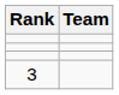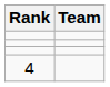 <table class="wikitable" border="1">
 <tr>
 <th>Rank</th>
 <th>Team</th>
 </tr>
 <tr>
 <td align=center></td>
 <td></td>
 </tr>
 <tr>
 <td align=center></td>
 <td></td>
 </tr>
 <tr>
 <td align=center></td>
 <td></td>
 </tr>
 <tr>
-<td align=center>3</td>
+<td align=center>4</td>
 <td></td>
 </tr>
 </table>
